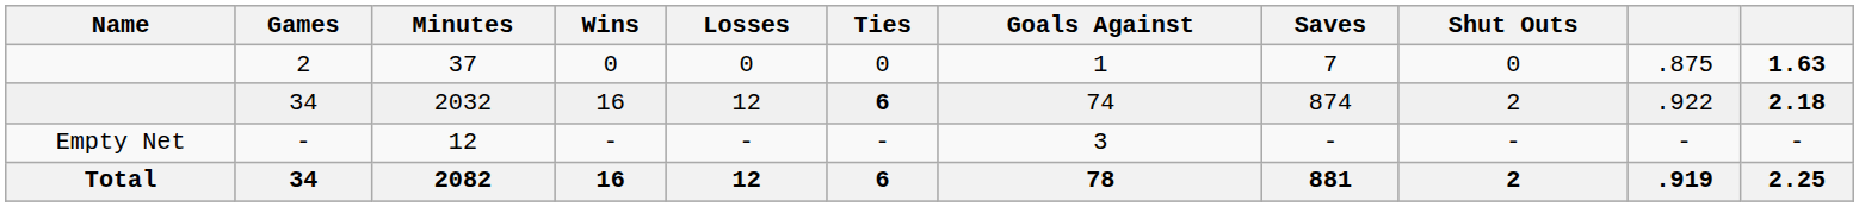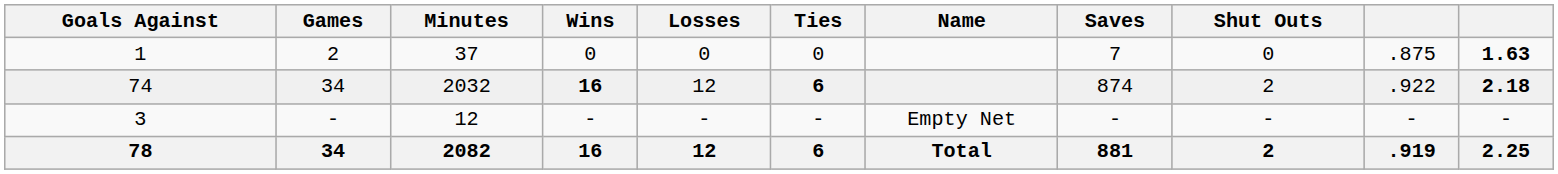 <table class="wikitable sortable" width ="1000">
 <tr align="center">
-<th>Name</th>
+<th>Goals Against</th>
 <th>Games</th>
 <th>Minutes</th>
 <th>Wins</th>
 <th>Losses</th>
 <th>Ties</th>
-<th>Goals Against</th>
+<th>Name</th>
 <th>Saves</th>
 <th>Shut Outs</th>
 <th><a href='#'></a></th>
 <th><a href='#'></a></th>
 </tr>
 <tr align="center" bgcolor="">
-<td></td>
+<td>1</td>
 <td>2</td>
 <td>37</td>
 <td>0</td>
 <td>0</td>
 <td>0</td>
-<td>1</td>
+<td></td>
 <td>7</td>
 <td>0</td>
 <td>.875</td>
 <td><strong>1.63</strong></td>
 </tr>
 <tr align="center" bgcolor="f0f0f0">
-<td></td>
+<td>74</td>
 <td>34</td>
 <td>2032</td>
-<td>16</td>
+<td><strong>16</strong></td>
 <td>12</td>
 <td><strong>6</strong></td>
-<td>74</td>
+<td></td>
 <td>874</td>
 <td>2</td>
 <td>.922</td>
 <td><strong>2.18</strong></td>
 </tr>
 <tr align="center" bgcolor="">
-<td>Empty Net</td>
+<td>3</td>
 <td>-</td>
 <td>12</td>
 <td>-</td>
 <td>-</td>
 <td>-</td>
-<td>3</td>
+<td>Empty Net</td>
 <td>-</td>
 <td>-</td>
 <td>-</td>
 <td>-</td>
 </tr>
 <tr>
-<th>Total</th>
+<th>78</th>
 <th>34</th>
 <th>2082</th>
 <th>16</th>
 <th>12</th>
 <th>6</th>
-<th>78</th>
+<th>Total</th>
 <th>881</th>
 <th>2</th>
 <th>.919</th>
 <th>2.25</th>
 </tr>
 </table>
